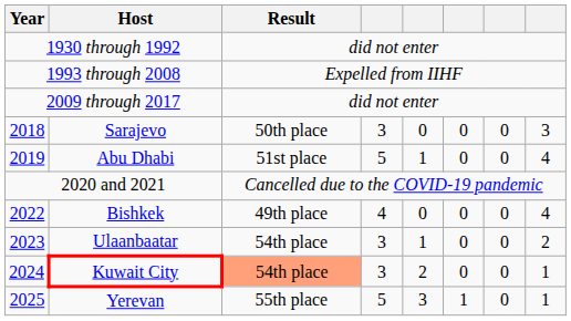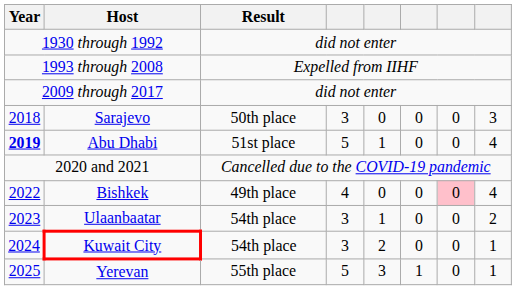 <table class="wikitable" style="text-align:center">
 <tr>
 <th width=30>Year</th>
 <th width=150>Host</th>
 <th width=120>Result</th>
 <th width=30></th>
 <th width=30></th>
 <th width=30></th>
 <th width=30></th>
 <th width=30></th>
 </tr>
 <tr>
 <td colspan=2><a href='#'>1930</a> <em>through</em> <a href='#'>1992</a></td>
 <td colspan=6><em>did not enter</em></td>
 </tr>
 <tr>
 <td colspan=2><a href='#'>1993</a> <em>through</em> <a href='#'>2008</a></td>
 <td colspan=6><em>Expelled from IIHF</em></td>
 </tr>
 <tr>
 <td colspan=2><a href='#'>2009</a> <em>through</em> <a href='#'>2017</a></td>
 <td colspan=6><em>did not enter</em></td>
 </tr>
 <tr>
 <td><a href='#'>2018</a></td>
 <td> <a href='#'>Sarajevo</a></td>
 <td>50th place<br></td>
 <td>3</td>
 <td>0</td>
 <td>0</td>
 <td>0</td>
 <td>3</td>
 </tr>
 <tr>
-<td><a href='#'>2019</a></td>
+<td><strong><a href='#'>2019</a></strong></td>
 <td> <a href='#'>Abu Dhabi</a></td>
 <td>51st place<br></td>
 <td>5</td>
 <td>1</td>
 <td>0</td>
 <td>0</td>
 <td>4</td>
 </tr>
 <tr>
 <td colspan=2>2020 and 2021</td>
 <td colspan=6 align=center><em>Cancelled due to the <a href='#'>COVID-19 pandemic</a></em></td>
 </tr>
 <tr>
 <td><a href='#'>2022</a></td>
 <td> <a href='#'>Bishkek</a></td>
 <td>49th place<br></td>
 <td>4</td>
 <td>0</td>
 <td>0</td>
-<td>0</td>
+<td style="background: pink;">0</td>
 <td>4</td>
 </tr>
 <tr>
 <td><a href='#'>2023</a></td>
 <td> <a href='#'>Ulaanbaatar</a></td>
 <td>54th place<br></td>
 <td>3</td>
 <td>1</td>
 <td>0</td>
 <td>0</td>
 <td>2</td>
 </tr>
 <tr>
 <td><a href='#'>2024</a></td>
 <td style="border: 3px solid red;"> <a href='#'>Kuwait City</a></td>
-<td style="background: lightsalmon;">54th place<br></td>
+<td>54th place<br></td>
 <td>3</td>
 <td>2</td>
 <td>0</td>
 <td>0</td>
 <td>1</td>
 </tr>
 <tr>
 <td><a href='#'>2025</a></td>
 <td> <a href='#'>Yerevan</a></td>
 <td>55th place<br></td>
 <td>5</td>
 <td>3</td>
 <td>1</td>
 <td>0</td>
 <td>1</td>
 </tr>
 </table>
